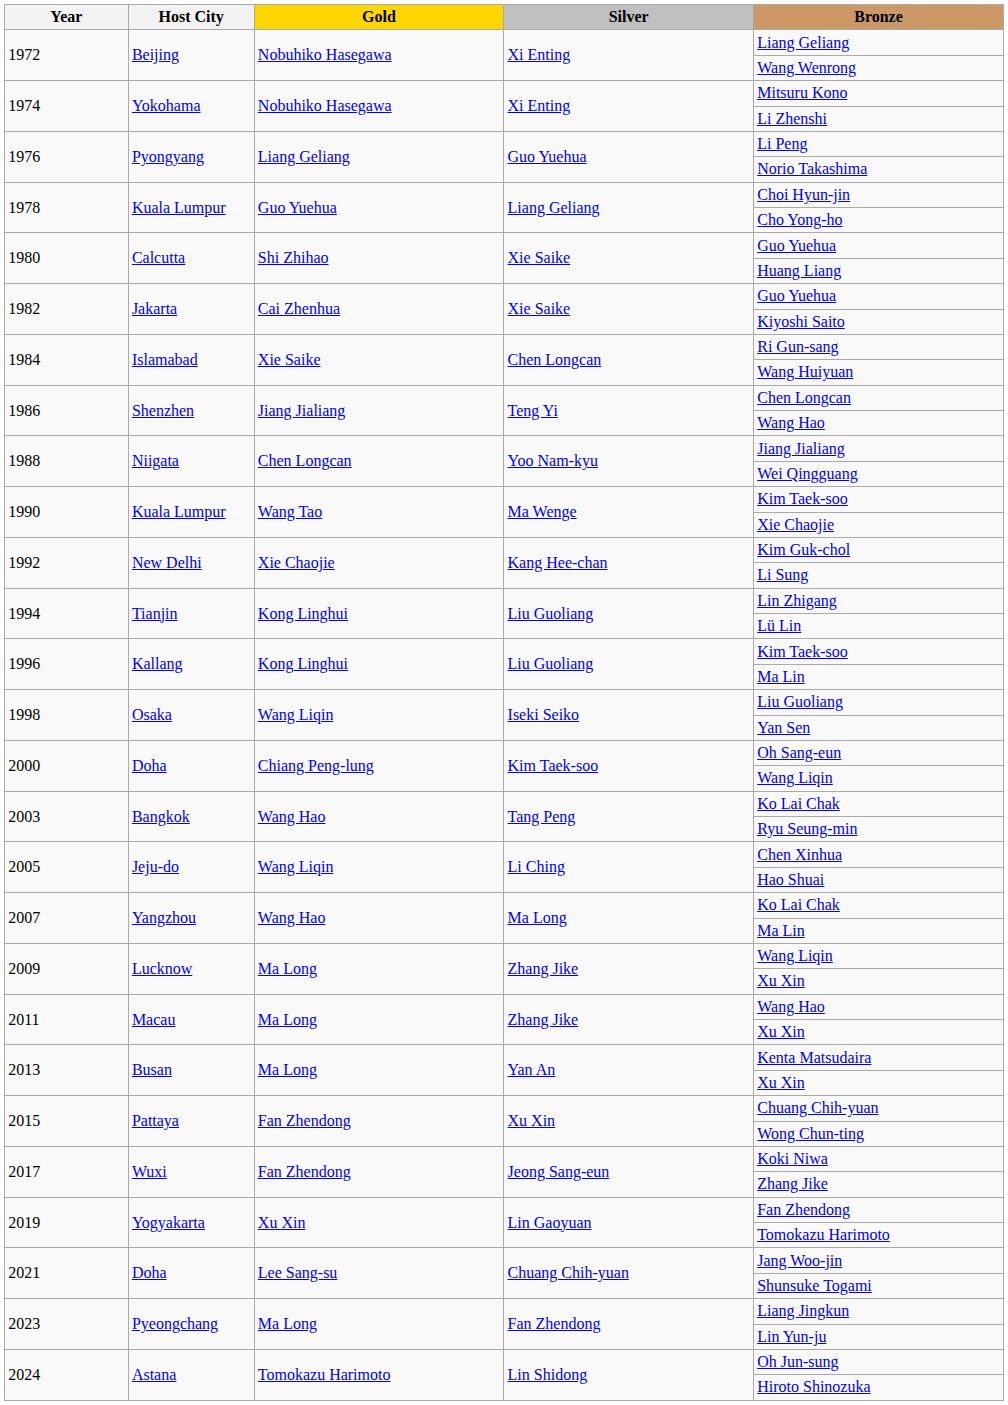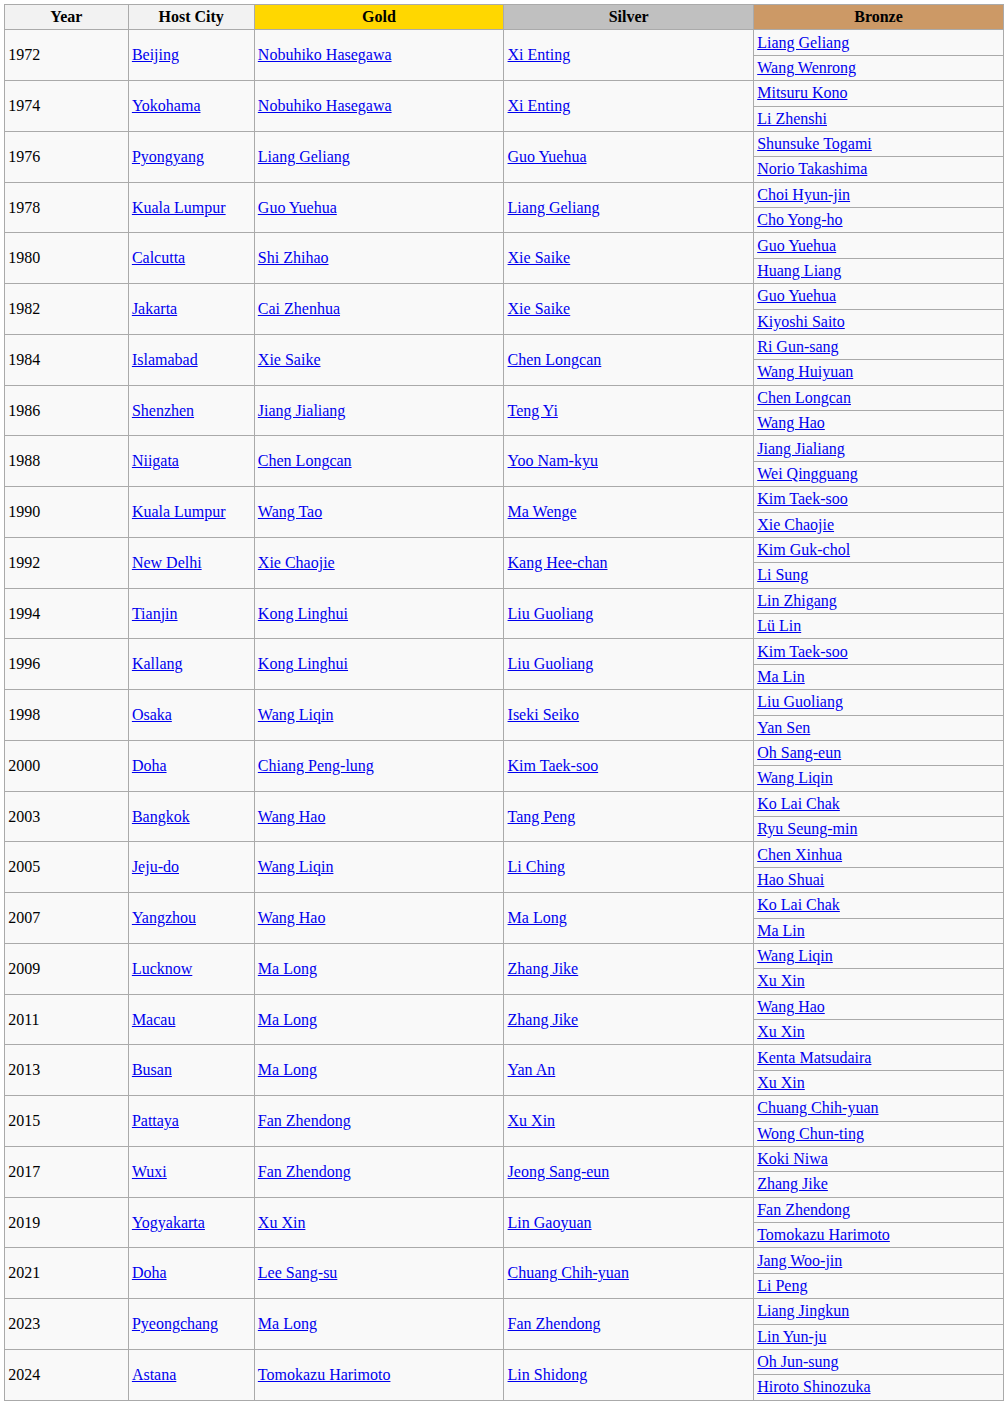 <table class="wikitable" style="text-align:left; width:1000px;">
 <tr>
 <th width="120">Year</th>
 <th width="120">Host City</th>
 <th width="250" style="background-color: gold">Gold</th>
 <th width="250" style="background-color: silver">Silver</th>
 <th width="250" style="background-color: #cc9966">Bronze</th>
 </tr>
 <tr>
 <td rowspan=2>1972</td>
 <td rowspan=2><a href='#'>Beijing</a></td>
 <td rowspan=2> <a href='#'>Nobuhiko Hasegawa</a></td>
 <td rowspan=2> <a href='#'>Xi Enting</a></td>
 <td> <a href='#'>Liang Geliang</a></td>
 </tr>
 <tr>
 <td> <a href='#'>Wang Wenrong</a></td>
 </tr>
 <tr>
 <td rowspan=2>1974</td>
 <td rowspan=2><a href='#'>Yokohama</a></td>
 <td rowspan=2> <a href='#'>Nobuhiko Hasegawa</a></td>
 <td rowspan=2> <a href='#'>Xi Enting</a></td>
 <td> <a href='#'>Mitsuru Kono</a></td>
 </tr>
 <tr>
 <td> <a href='#'>Li Zhenshi</a></td>
 </tr>
 <tr>
 <td rowspan=2>1976</td>
 <td rowspan=2><a href='#'>Pyongyang</a></td>
 <td rowspan=2> <a href='#'>Liang Geliang</a></td>
 <td rowspan=2> <a href='#'>Guo Yuehua</a></td>
-<td> <a href='#'>Li Peng</a></td>
+<td> <a href='#'>Shunsuke Togami</a></td>
 </tr>
 <tr>
 <td> <a href='#'>Norio Takashima</a></td>
 </tr>
 <tr>
 <td rowspan=2>1978</td>
 <td rowspan=2><a href='#'>Kuala Lumpur</a></td>
 <td rowspan=2> <a href='#'>Guo Yuehua</a></td>
 <td rowspan=2> <a href='#'>Liang Geliang</a></td>
 <td> <a href='#'>Choi Hyun-jin</a></td>
 </tr>
 <tr>
 <td> <a href='#'>Cho Yong-ho</a></td>
 </tr>
 <tr>
 <td rowspan=2>1980</td>
 <td rowspan=2><a href='#'>Calcutta</a></td>
 <td rowspan=2> <a href='#'>Shi Zhihao</a></td>
 <td rowspan=2> <a href='#'>Xie Saike</a></td>
 <td> <a href='#'>Guo Yuehua</a></td>
 </tr>
 <tr>
 <td> <a href='#'>Huang Liang</a></td>
 </tr>
 <tr>
 <td rowspan=2>1982</td>
 <td rowspan=2><a href='#'>Jakarta</a></td>
 <td rowspan=2> <a href='#'>Cai Zhenhua</a></td>
 <td rowspan=2> <a href='#'>Xie Saike</a></td>
 <td> <a href='#'>Guo Yuehua</a></td>
 </tr>
 <tr>
 <td> <a href='#'>Kiyoshi Saito</a></td>
 </tr>
 <tr>
 <td rowspan=2>1984</td>
 <td rowspan=2><a href='#'>Islamabad</a></td>
 <td rowspan=2> <a href='#'>Xie Saike</a></td>
 <td rowspan=2> <a href='#'>Chen Longcan</a></td>
 <td> <a href='#'>Ri Gun-sang</a></td>
 </tr>
 <tr>
 <td> <a href='#'>Wang Huiyuan</a></td>
 </tr>
 <tr>
 <td rowspan=2>1986</td>
 <td rowspan=2><a href='#'>Shenzhen</a></td>
 <td rowspan=2> <a href='#'>Jiang Jialiang</a></td>
 <td rowspan=2> <a href='#'>Teng Yi</a></td>
 <td> <a href='#'>Chen Longcan</a></td>
 </tr>
 <tr>
 <td> <a href='#'>Wang Hao</a></td>
 </tr>
 <tr>
 <td rowspan=2>1988</td>
 <td rowspan=2><a href='#'>Niigata</a></td>
 <td rowspan=2> <a href='#'>Chen Longcan</a></td>
 <td rowspan=2> <a href='#'>Yoo Nam-kyu</a></td>
 <td> <a href='#'>Jiang Jialiang</a></td>
 </tr>
 <tr>
 <td> <a href='#'>Wei Qingguang</a></td>
 </tr>
 <tr>
 <td rowspan=2>1990</td>
 <td rowspan=2><a href='#'>Kuala Lumpur</a></td>
 <td rowspan=2> <a href='#'>Wang Tao</a></td>
 <td rowspan=2> <a href='#'>Ma Wenge</a></td>
 <td> <a href='#'>Kim Taek-soo</a></td>
 </tr>
 <tr>
 <td> <a href='#'>Xie Chaojie</a></td>
 </tr>
 <tr>
 <td rowspan=2>1992</td>
 <td rowspan=2><a href='#'>New Delhi</a></td>
 <td rowspan=2> <a href='#'>Xie Chaojie</a></td>
 <td rowspan=2> <a href='#'>Kang Hee-chan</a></td>
 <td> <a href='#'>Kim Guk-chol</a></td>
 </tr>
 <tr>
 <td> <a href='#'>Li Sung</a></td>
 </tr>
 <tr>
 <td rowspan=2>1994</td>
 <td rowspan=2><a href='#'>Tianjin</a></td>
 <td rowspan=2> <a href='#'>Kong Linghui</a></td>
 <td rowspan=2> <a href='#'>Liu Guoliang</a></td>
 <td> <a href='#'>Lin Zhigang</a></td>
 </tr>
 <tr>
 <td> <a href='#'>Lü Lin</a></td>
 </tr>
 <tr>
 <td rowspan=2>1996</td>
 <td rowspan=2><a href='#'>Kallang</a></td>
 <td rowspan=2> <a href='#'>Kong Linghui</a></td>
 <td rowspan=2> <a href='#'>Liu Guoliang</a></td>
 <td> <a href='#'>Kim Taek-soo</a></td>
 </tr>
 <tr>
 <td> <a href='#'>Ma Lin</a></td>
 </tr>
 <tr>
 <td rowspan=2>1998</td>
 <td rowspan=2><a href='#'>Osaka</a></td>
 <td rowspan=2> <a href='#'>Wang Liqin</a></td>
 <td rowspan=2> <a href='#'>Iseki Seiko</a></td>
 <td> <a href='#'>Liu Guoliang</a></td>
 </tr>
 <tr>
 <td> <a href='#'>Yan Sen</a></td>
 </tr>
 <tr>
 <td rowspan=2>2000</td>
 <td rowspan=2><a href='#'>Doha</a></td>
 <td rowspan=2> <a href='#'>Chiang Peng-lung</a></td>
 <td rowspan=2> <a href='#'>Kim Taek-soo</a></td>
 <td> <a href='#'>Oh Sang-eun</a></td>
 </tr>
 <tr>
 <td> <a href='#'>Wang Liqin</a></td>
 </tr>
 <tr>
 <td rowspan=2>2003</td>
 <td rowspan=2><a href='#'>Bangkok</a></td>
 <td rowspan=2> <a href='#'>Wang Hao</a></td>
 <td rowspan=2> <a href='#'>Tang Peng</a></td>
 <td> <a href='#'>Ko Lai Chak</a></td>
 </tr>
 <tr>
 <td> <a href='#'>Ryu Seung-min</a></td>
 </tr>
 <tr>
 <td rowspan=2>2005</td>
 <td rowspan=2><a href='#'>Jeju-do</a></td>
 <td rowspan=2> <a href='#'>Wang Liqin</a></td>
 <td rowspan=2> <a href='#'>Li Ching</a></td>
 <td> <a href='#'>Chen Xinhua</a></td>
 </tr>
 <tr>
 <td> <a href='#'>Hao Shuai</a></td>
 </tr>
 <tr>
 <td rowspan=2>2007</td>
 <td rowspan=2><a href='#'>Yangzhou</a></td>
 <td rowspan=2> <a href='#'>Wang Hao</a></td>
 <td rowspan=2> <a href='#'>Ma Long</a></td>
 <td> <a href='#'>Ko Lai Chak</a></td>
 </tr>
 <tr>
 <td> <a href='#'>Ma Lin</a></td>
 </tr>
 <tr>
 <td rowspan=2>2009</td>
 <td rowspan=2><a href='#'>Lucknow</a></td>
 <td rowspan=2> <a href='#'>Ma Long</a></td>
 <td rowspan=2> <a href='#'>Zhang Jike</a></td>
 <td> <a href='#'>Wang Liqin</a></td>
 </tr>
 <tr>
 <td> <a href='#'>Xu Xin</a></td>
 </tr>
 <tr>
 <td rowspan=2>2011</td>
 <td rowspan=2><a href='#'>Macau</a></td>
 <td rowspan=2> <a href='#'>Ma Long</a></td>
 <td rowspan=2> <a href='#'>Zhang Jike</a></td>
 <td> <a href='#'>Wang Hao</a></td>
 </tr>
 <tr>
 <td> <a href='#'>Xu Xin</a></td>
 </tr>
 <tr>
 <td rowspan=2>2013</td>
 <td rowspan=2><a href='#'>Busan</a></td>
 <td rowspan=2> <a href='#'>Ma Long</a></td>
 <td rowspan=2> <a href='#'>Yan An</a></td>
 <td> <a href='#'>Kenta Matsudaira</a></td>
 </tr>
 <tr>
 <td> <a href='#'>Xu Xin</a></td>
 </tr>
 <tr>
 <td rowspan=2>2015</td>
 <td rowspan=2><a href='#'>Pattaya</a></td>
 <td rowspan=2> <a href='#'>Fan Zhendong</a></td>
 <td rowspan=2> <a href='#'>Xu Xin</a></td>
 <td> <a href='#'>Chuang Chih-yuan</a></td>
 </tr>
 <tr>
 <td> <a href='#'>Wong Chun-ting</a></td>
 </tr>
 <tr>
 <td rowspan=2>2017</td>
 <td rowspan=2><a href='#'>Wuxi</a></td>
 <td rowspan=2> <a href='#'>Fan Zhendong</a></td>
 <td rowspan=2> <a href='#'>Jeong Sang-eun</a></td>
 <td> <a href='#'>Koki Niwa</a></td>
 </tr>
 <tr>
 <td> <a href='#'>Zhang Jike</a></td>
 </tr>
 <tr>
 <td rowspan=2>2019</td>
 <td rowspan=2><a href='#'>Yogyakarta</a></td>
 <td rowspan=2> <a href='#'>Xu Xin</a></td>
 <td rowspan=2> <a href='#'>Lin Gaoyuan</a></td>
 <td> <a href='#'>Fan Zhendong</a></td>
 </tr>
 <tr>
 <td> <a href='#'>Tomokazu Harimoto</a></td>
 </tr>
 <tr>
 <td rowspan=2>2021</td>
 <td rowspan=2><a href='#'>Doha</a></td>
 <td rowspan=2> <a href='#'>Lee Sang-su</a></td>
 <td rowspan=2> <a href='#'>Chuang Chih-yuan</a></td>
 <td> <a href='#'>Jang Woo-jin</a></td>
 </tr>
 <tr>
-<td> <a href='#'>Shunsuke Togami</a></td>
+<td> <a href='#'>Li Peng</a></td>
 </tr>
 <tr>
 <td rowspan=2>2023</td>
 <td rowspan=2><a href='#'>Pyeongchang</a></td>
 <td rowspan=2> <a href='#'>Ma Long</a></td>
 <td rowspan=2> <a href='#'>Fan Zhendong</a></td>
 <td> <a href='#'>Liang Jingkun</a></td>
 </tr>
 <tr>
 <td> <a href='#'>Lin Yun-ju</a></td>
 </tr>
 <tr>
 <td rowspan=2>2024</td>
 <td rowspan=2><a href='#'>Astana</a></td>
 <td rowspan=2> <a href='#'>Tomokazu Harimoto</a></td>
 <td rowspan=2> <a href='#'>Lin Shidong</a></td>
 <td> <a href='#'>Oh Jun-sung</a></td>
 </tr>
 <tr>
 <td> <a href='#'>Hiroto Shinozuka</a></td>
 </tr>
 </table>
